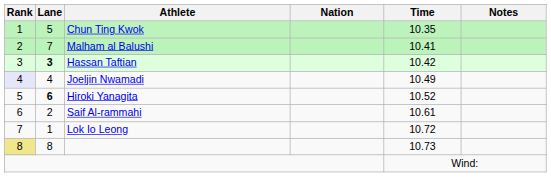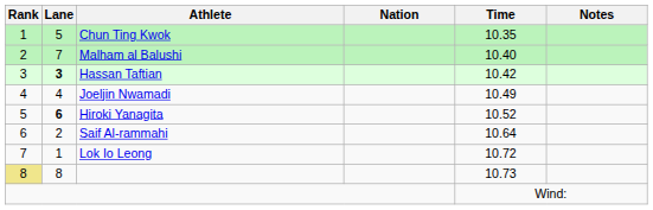 <table class="wikitable sortable" style="text-align:center;width: 65%;">
 <tr>
 <th scope="col" style="width: 10px;">Rank</th>
 <th scope="col" style="width: 10px;">Lane</th>
 <th scope="col">Athlete</th>
 <th scope="col">Nation</th>
 <th scope="col">Time</th>
 <th scope="col">Notes</th>
 </tr>
 <tr bgcolor=bbf3bb>
 <td>1</td>
 <td>5</td>
 <td align="left"><a href='#'>Chun Ting Kwok</a></td>
 <td align="left"></td>
 <td>10.35</td>
 <td></td>
 </tr>
 <tr bgcolor=bbf3bb>
 <td>2</td>
 <td>7</td>
 <td align="left"><a href='#'>Malham al Balushi</a></td>
 <td align="left"></td>
-<td>10.41</td>
+<td>10.40</td>
 <td></td>
 </tr>
 <tr bgcolor=ddffdd>
 <td>3</td>
 <td><strong>3</strong></td>
 <td align="left"><a href='#'>Hassan Taftian</a></td>
 <td align="left"></td>
 <td>10.42</td>
 <td></td>
 </tr>
 <tr>
-<td style="background: lavender;">4</td>
+<td>4</td>
 <td>4</td>
 <td align="left"><a href='#'>Joeljin Nwamadi</a></td>
 <td align="left"></td>
 <td>10.49</td>
 <td></td>
 </tr>
 <tr>
 <td>5</td>
 <td><strong>6</strong></td>
 <td align="left"><a href='#'>Hiroki Yanagita</a></td>
 <td align="left"></td>
 <td>10.52</td>
 <td></td>
 </tr>
 <tr>
 <td>6</td>
 <td>2</td>
 <td align="left"><a href='#'>Saif Al-rammahi</a></td>
 <td align="left"></td>
-<td>10.61</td>
+<td>10.64</td>
 <td></td>
 </tr>
 <tr>
 <td>7</td>
 <td>1</td>
 <td align="left"><a href='#'>Lok Io Leong</a></td>
 <td align="left"></td>
 <td>10.72</td>
 <td></td>
 </tr>
 <tr>
 <td style="background: khaki;">8</td>
 <td>8</td>
 <td align="left"></td>
 <td align="left"></td>
 <td>10.73</td>
 <td></td>
 </tr>
 <tr class="sortbottom">
 <td colspan="4"></td>
 <td colspan="2">Wind: </td>
 </tr>
 </table>
